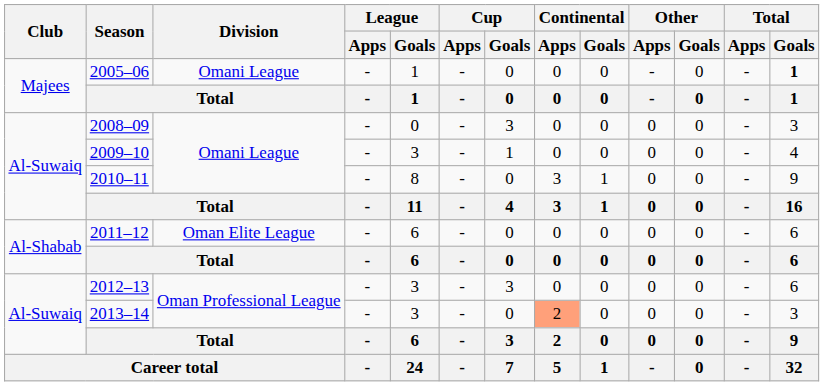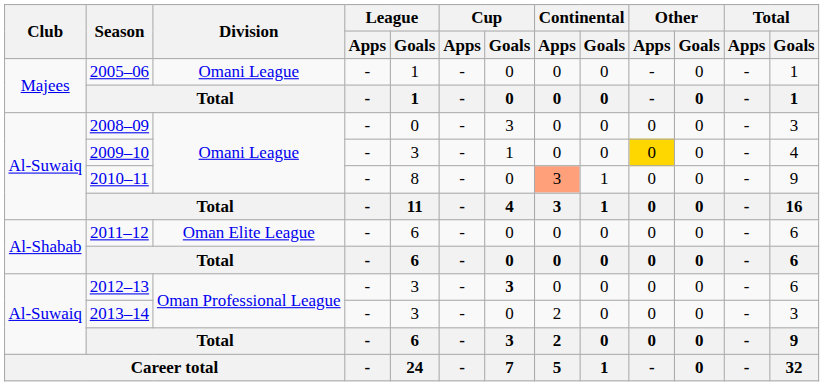 <table class="wikitable" style="text-align: center;">
 <tr>
 <th rowspan="2">Club</th>
 <th rowspan="2">Season</th>
 <th rowspan="2">Division</th>
 <th colspan="2">League</th>
 <th colspan="2">Cup</th>
 <th colspan="2">Continental</th>
 <th colspan="2">Other</th>
 <th colspan="2">Total</th>
 </tr>
 <tr>
 <th>Apps</th>
 <th>Goals</th>
 <th>Apps</th>
 <th>Goals</th>
 <th>Apps</th>
 <th>Goals</th>
 <th>Apps</th>
 <th>Goals</th>
 <th>Apps</th>
 <th>Goals</th>
 </tr>
 <tr>
 <td rowspan="2"><a href='#'>Majees</a></td>
 <td><a href='#'>2005–06</a></td>
 <td rowspan="1"><a href='#'>Omani League</a></td>
 <td>-</td>
 <td>1</td>
 <td>-</td>
 <td>0</td>
 <td>0</td>
 <td>0</td>
 <td>-</td>
 <td>0</td>
 <td>-</td>
-<td><strong>1</strong></td>
+<td>1</td>
 </tr>
 <tr>
 <th colspan="2">Total</th>
 <th>-</th>
 <th>1</th>
 <th>-</th>
 <th>0</th>
 <th>0</th>
 <th>0</th>
 <th>-</th>
 <th>0</th>
 <th>-</th>
 <th>1</th>
 </tr>
 <tr>
 <td rowspan="4"><a href='#'>Al-Suwaiq</a></td>
 <td><a href='#'>2008–09</a></td>
 <td rowspan="3"><a href='#'>Omani League</a></td>
 <td>-</td>
 <td>0</td>
 <td>-</td>
 <td>3</td>
 <td>0</td>
 <td>0</td>
 <td>0</td>
 <td>0</td>
 <td>-</td>
 <td>3</td>
 </tr>
 <tr>
 <td><a href='#'>2009–10</a></td>
 <td>-</td>
 <td>3</td>
 <td>-</td>
 <td>1</td>
 <td>0</td>
 <td>0</td>
-<td>0</td>
+<td style="background: gold;">0</td>
 <td>0</td>
 <td>-</td>
 <td>4</td>
 </tr>
 <tr>
 <td><a href='#'>2010–11</a></td>
 <td>-</td>
 <td>8</td>
 <td>-</td>
 <td>0</td>
-<td>3</td>
+<td style="background: lightsalmon;">3</td>
 <td>1</td>
 <td>0</td>
 <td>0</td>
 <td>-</td>
 <td>9</td>
 </tr>
 <tr>
 <th colspan="2">Total</th>
 <th>-</th>
 <th>11</th>
 <th>-</th>
 <th>4</th>
 <th>3</th>
 <th>1</th>
 <th>0</th>
 <th>0</th>
 <th>-</th>
 <th>16</th>
 </tr>
 <tr>
 <td rowspan="2"><a href='#'>Al-Shabab</a></td>
 <td><a href='#'>2011–12</a></td>
 <td rowspan="1"><a href='#'>Oman Elite League</a></td>
 <td>-</td>
 <td>6</td>
 <td>-</td>
 <td>0</td>
 <td>0</td>
 <td>0</td>
 <td>0</td>
 <td>0</td>
 <td>-</td>
 <td>6</td>
 </tr>
 <tr>
 <th colspan="2">Total</th>
 <th>-</th>
 <th>6</th>
 <th>-</th>
 <th>0</th>
 <th>0</th>
 <th>0</th>
 <th>0</th>
 <th>0</th>
 <th>-</th>
 <th>6</th>
 </tr>
 <tr>
 <td rowspan="3"><a href='#'>Al-Suwaiq</a></td>
 <td><a href='#'>2012–13</a></td>
 <td rowspan="2"><a href='#'>Oman Professional League</a></td>
 <td>-</td>
 <td>3</td>
 <td>-</td>
-<td>3</td>
+<td><strong>3</strong></td>
 <td>0</td>
 <td>0</td>
 <td>0</td>
 <td>0</td>
 <td>-</td>
 <td>6</td>
 </tr>
 <tr>
 <td><a href='#'>2013–14</a></td>
 <td>-</td>
 <td>3</td>
 <td>-</td>
 <td>0</td>
-<td style="background: lightsalmon;">2</td>
+<td>2</td>
 <td>0</td>
 <td>0</td>
 <td>0</td>
 <td>-</td>
 <td>3</td>
 </tr>
 <tr>
 <th colspan="2">Total</th>
 <th>-</th>
 <th>6</th>
 <th>-</th>
 <th>3</th>
 <th>2</th>
 <th>0</th>
 <th>0</th>
 <th>0</th>
 <th>-</th>
 <th>9</th>
 </tr>
 <tr>
 <th colspan="3">Career total</th>
 <th>-</th>
 <th>24</th>
 <th>-</th>
 <th>7</th>
 <th>5</th>
 <th>1</th>
 <th>-</th>
 <th>0</th>
 <th>-</th>
 <th>32</th>
 </tr>
 </table>
